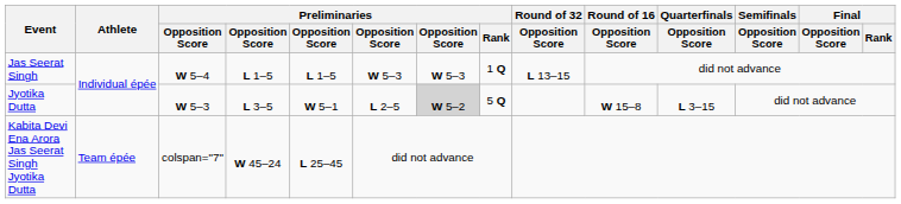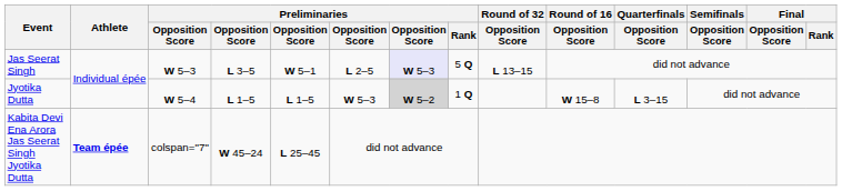 <table class=wikitable style="text-align:center; font-size:90%">
 <tr>
 <th rowspan="2" width=80px>Event</th>
 <th rowspan="2">Athlete</th>
 <th colspan="6">Preliminaries</th>
 <th>Round of 32</th>
 <th>Round of 16</th>
 <th>Quarterfinals</th>
 <th>Semifinals</th>
 <th colspan="2">Final</th>
 </tr>
 <tr style="font-size:95%">
 <th>Opposition<br>Score</th>
 <th>Opposition<br>Score</th>
 <th>Opposition<br>Score</th>
 <th>Opposition<br>Score</th>
 <th>Opposition<br>Score</th>
 <th>Rank</th>
 <th>Opposition<br>Score</th>
 <th>Opposition<br>Score</th>
 <th>Opposition<br>Score</th>
 <th>Opposition<br>Score</th>
 <th>Opposition<br>Score</th>
 <th>Rank</th>
 </tr>
 <tr>
 <td align=left><a href='#'>Jas Seerat Singh</a></td>
 <td align=left rowspan=2><a href='#'>Individual épée</a></td>
-<td><br><strong>W</strong> 5–4</td>
-<td><br><strong>L</strong> 1–5</td>
-<td><br><strong>L</strong> 1–5</td>
 <td><br><strong>W</strong> 5–3</td>
-<td><br><strong>W</strong> 5–3</td>
-<td>1 <strong>Q</strong></td>
+<td><br><strong>L</strong> 3–5</td>
+<td><br><strong>W</strong> 5–1</td>
+<td><br><strong>L</strong> 2–5</td>
+<td style="background: lavender;"><br><strong>W</strong> 5–3</td>
+<td>5 <strong>Q</strong></td>
 <td><br><strong>L</strong> 13–15</td>
 <td colspan="5">did not advance</td>
 </tr>
 <tr>
 <td align=left><a href='#'>Jyotika Dutta</a></td>
+<td><br><strong>W</strong> 5–4</td>
+<td><br><strong>L</strong> 1–5</td>
+<td><br><strong>L</strong> 1–5</td>
 <td><br><strong>W</strong> 5–3</td>
-<td><br><strong>L</strong> 3–5</td>
-<td><br><strong>W</strong> 5–1</td>
-<td><br><strong>L</strong> 2–5</td>
 <td style="background: lightgrey;"><br><strong>W</strong> 5–2</td>
-<td>5 <strong>Q</strong></td>
+<td>1 <strong>Q</strong></td>
 <td></td>
 <td><br><strong>W</strong> 15–8</td>
 <td><br><strong>L</strong> 3–15</td>
 <td colspan="3">did not advance</td>
 </tr>
 <tr>
 <td align=left><a href='#'>Kabita Devi</a><br><a href='#'>Ena Arora</a><br><a href='#'>Jas Seerat Singh</a><br><a href='#'>Jyotika Dutta</a></td>
-<td align=left><a href='#'>Team épée</a></td>
+<td align=left><strong><a href='#'>Team épée</a></strong></td>
 <td>colspan="7" </td>
 <td><br><strong>W</strong> 45–24</td>
 <td><br><strong>L</strong> 25–45</td>
 <td colspan="3">did not advance</td>
 </tr>
 </table>
